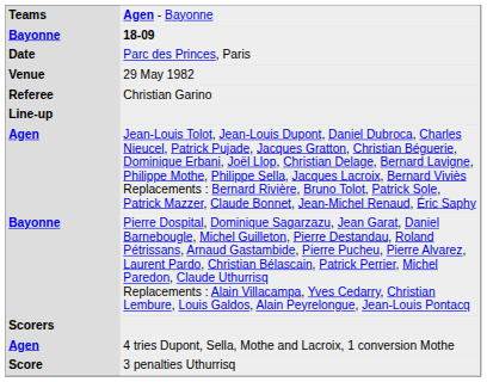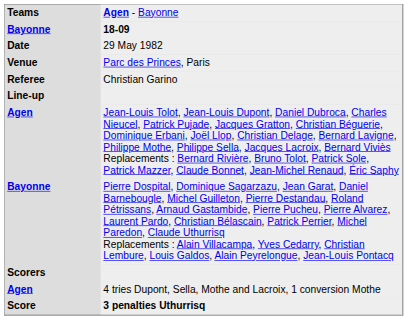 <table align="left" cellpadding="4" cellspacing="0"  style="margin: 0 0 0 0; border: 1px solid #999; border-right-width: 2px; border-bottom-width: 2px; background-color: #DDDDDD">
 <tr>
 <td width="150" valign="top"><strong>Teams</strong></td>
 <td width="500" bgcolor=#EEEEEE><strong><a href='#'>Agen</a> </strong> - <a href='#'>Bayonne</a></td>
 </tr>
 <tr>
 <td valign="top"><strong> <a href='#'>Bayonne</a></strong></td>
 <td bgcolor=#EEEEEE><strong>18-09</strong></td>
 </tr>
 <tr>
 <td valign="top"><strong>Date</strong></td>
-<td bgcolor=#EEEEEE><a href='#'>Parc des Princes</a>, Paris</td>
+<td bgcolor=#EEEEEE>29 May 1982</td>
 </tr>
 <tr>
 <td valign="top"><strong>Venue</strong></td>
-<td bgcolor=#EEEEEE>29 May 1982</td>
+<td bgcolor=#EEEEEE><a href='#'>Parc des Princes</a>, Paris</td>
 </tr>
 <tr>
 <td valign="top"><strong>Referee</strong></td>
 <td bgcolor=#EEEEEE>Christian Garino</td>
 </tr>
 <tr>
 <td valign="top"><strong>Line-up</strong></td>
 <td bgcolor=#EEEEEE></td>
 </tr>
 <tr>
 <td valign="top"><strong> <a href='#'>Agen</a> </strong></td>
 <td bgcolor=#EEEEEE><a href='#'>Jean-Louis Tolot</a>, <a href='#'>Jean-Louis Dupont</a>,  <a href='#'>Daniel Dubroca</a>, <a href='#'>Charles Nieucel</a>, <a href='#'>Patrick Pujade</a>, <a href='#'>Jacques Gratton</a>, <a href='#'>Christian Béguerie</a>, <a href='#'>Dominique Erbani</a>, <a href='#'>Joël Llop</a>, <a href='#'>Christian Delage</a>, <a href='#'>Bernard Lavigne</a>, <a href='#'>Philippe Mothe</a>, <a href='#'>Philippe Sella</a>, <a href='#'>Jacques Lacroix</a>, <a href='#'>Bernard Viviès</a><br>Replacements : <a href='#'>Bernard Rivière</a>, <a href='#'>Bruno Tolot</a>, <a href='#'>Patrick Sole</a>, <a href='#'>Patrick Mazzer</a>, <a href='#'>Claude Bonnet</a>, <a href='#'>Jean-Michel Renaud</a>, <a href='#'>Éric Saphy</a></td>
 </tr>
 <tr>
 <td valign="top"><strong><a href='#'>Bayonne</a> </strong></td>
 <td bgcolor=#EEEEEE><a href='#'>Pierre Dospital</a>, <a href='#'>Dominique Sagarzazu</a>, <a href='#'>Jean Garat</a>, <a href='#'>Daniel Barnebougle</a>, <a href='#'>Michel Guilleton</a>, <a href='#'>Pierre Destandau</a>, <a href='#'>Roland Pétrissans</a>, <a href='#'>Arnaud Gastambide</a>, <a href='#'>Pierre Pucheu</a>, <a href='#'>Pierre Alvarez</a>, <a href='#'>Laurent Pardo</a>, <a href='#'>Christian Bélascain</a>, <a href='#'>Patrick Perrier</a>, <a href='#'>Michel Paredon</a>, <a href='#'>Claude Uthurrisq</a> <br>Replacements : <a href='#'>Alain Villacampa</a>, <a href='#'>Yves Cedarry</a>, <a href='#'>Christian Lembure</a>, <a href='#'>Louis Galdos</a>, <a href='#'>Alain Peyrelongue</a>, <a href='#'>Jean-Louis Pontacq</a></td>
 </tr>
 <tr>
 <td valign="top"><strong>Scorers</strong></td>
 <td bgcolor=#EEEEEE></td>
 </tr>
 <tr>
 <td valign="top"><strong> <a href='#'>Agen</a> </strong></td>
 <td bgcolor=#EEEEEE>4 tries Dupont, Sella, Mothe and Lacroix, 1 conversion Mothe</td>
 </tr>
 <tr>
 <td valign="top"><strong>Score</strong></td>
-<td bgcolor=#EEEEEE>3 penalties  Uthurrisq</td>
+<td bgcolor=#EEEEEE><strong>3 penalties  Uthurrisq</strong></td>
 </tr>
 </table>
